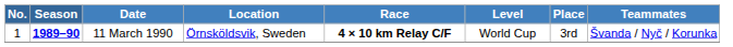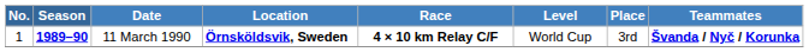 <table class="wikitable sortable" style="font-size:95%; text-align:center; border:grey solid 1px; border-collapse:collapse; background:#ffffff;">
 <tr style="background:#efefef;">
 <th style="background-color:#369; color:white;">No.</th>
 <th style="background-color:#369; color:white;">Season</th>
 <th style="background-color:#4180be; color:white; width:120px;">Date</th>
 <th style="background-color:#4180be; color:white; width:170px;">Location</th>
 <th style="background-color:#4180be; color:white; width:170px;">Race</th>
 <th style="background-color:#4180be; color:white; width:100px;">Level</th>
 <th style="background-color:#4180be; color:white;">Place</th>
 <th style="background-color:#4180be; color:white;">Teammates</th>
 </tr>
 <tr>
 <td align=center>1</td>
 <td rowspan=1 align=center><strong><a href='#'>1989–90</a></strong></td>
 <td>11 March 1990</td>
-<td align=left> <a href='#'>Örnsköldsvik</a>, Sweden</td>
+<td align=left><strong> <a href='#'>Örnsköldsvik</a>, Sweden</strong></td>
 <td><strong>4 × 10 km Relay C/F</strong></td>
 <td>World Cup</td>
 <td>3rd</td>
-<td><a href='#'>Švanda</a> / <a href='#'>Nyč</a> / <a href='#'>Korunka</a></td>
+<td><strong><a href='#'>Švanda</a> / <a href='#'>Nyč</a> / <a href='#'>Korunka</a></strong></td>
 </tr>
 <tr>
 </tr>
 </table>
